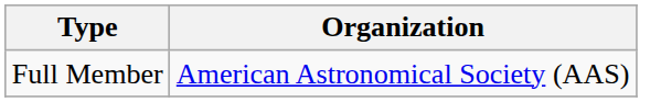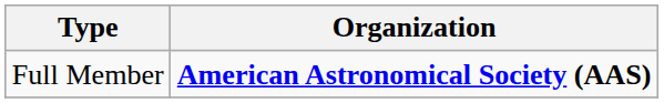 <table class="wikitable">
 <tr>
 <th>Type</th>
 <th>Organization</th>
 </tr>
 <tr>
 <td>Full Member</td>
-<td><a href='#'>American Astronomical Society</a> (AAS)</td>
+<td><strong><a href='#'>American Astronomical Society</a> (AAS)</strong></td>
 </tr>
 </table>
